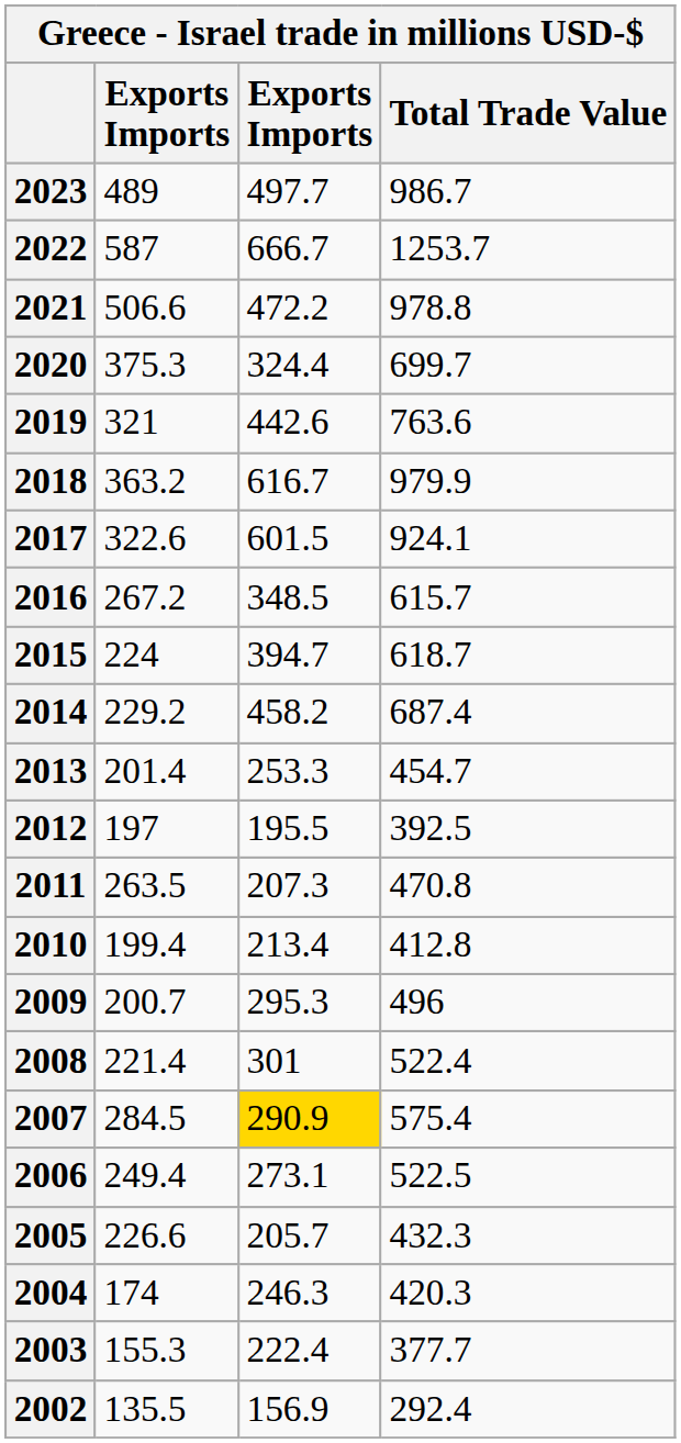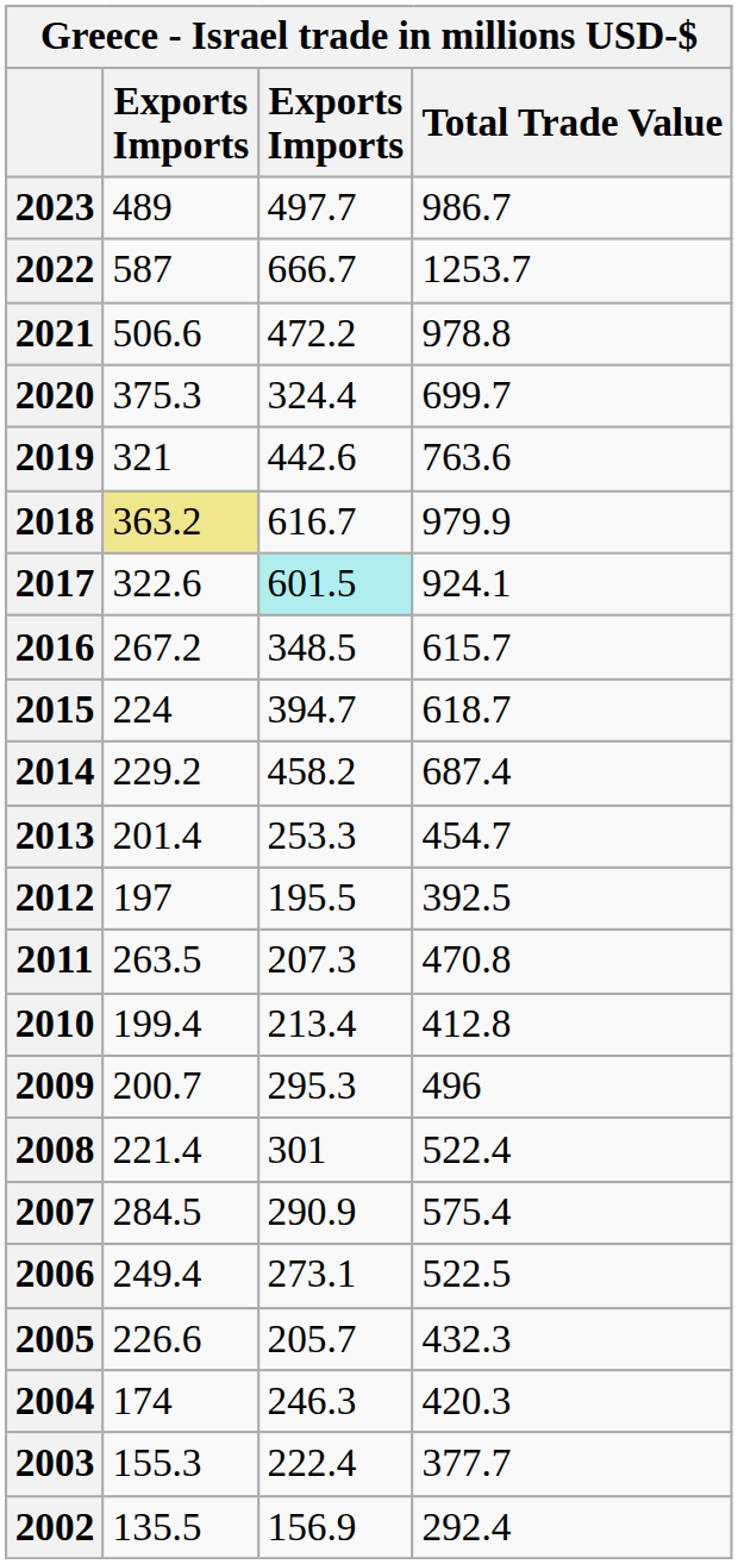 <table class="wikitable mw-collapsible mw-collapsed">
 <tr>
 <th colspan="4">Greece - Israel trade in millions USD-$</th>
 </tr>
 <tr>
 <th></th>
 <th> Exports<br> Imports</th>
 <th> Exports<br> Imports</th>
 <th>Total Trade Value</th>
 </tr>
 <tr>
 <th>2023</th>
 <td>489</td>
 <td>497.7</td>
 <td>986.7</td>
 </tr>
 <tr>
 <th>2022</th>
 <td>587</td>
 <td>666.7</td>
 <td>1253.7</td>
 </tr>
 <tr>
 <th>2021</th>
 <td>506.6</td>
 <td>472.2</td>
 <td>978.8</td>
 </tr>
 <tr>
 <th>2020</th>
 <td>375.3</td>
 <td>324.4</td>
 <td>699.7</td>
 </tr>
 <tr>
 <th>2019</th>
 <td>321</td>
 <td>442.6</td>
 <td>763.6</td>
 </tr>
 <tr>
 <th>2018</th>
-<td>363.2</td>
+<td style="background: khaki;">363.2</td>
 <td>616.7</td>
 <td>979.9</td>
 </tr>
 <tr>
 <th>2017</th>
 <td>322.6</td>
-<td>601.5</td>
+<td style="background: paleturquoise;">601.5</td>
 <td>924.1</td>
 </tr>
 <tr>
 <th>2016</th>
 <td>267.2</td>
 <td>348.5</td>
 <td>615.7</td>
 </tr>
 <tr>
 <th>2015</th>
 <td>224</td>
 <td>394.7</td>
 <td>618.7</td>
 </tr>
 <tr>
 <th>2014</th>
 <td>229.2</td>
 <td>458.2</td>
 <td>687.4</td>
 </tr>
 <tr>
 <th>2013</th>
 <td>201.4</td>
 <td>253.3</td>
 <td>454.7</td>
 </tr>
 <tr>
 <th>2012</th>
 <td>197</td>
 <td>195.5</td>
 <td>392.5</td>
 </tr>
 <tr>
 <th>2011</th>
 <td>263.5</td>
 <td>207.3</td>
 <td>470.8</td>
 </tr>
 <tr>
 <th>2010</th>
 <td>199.4</td>
 <td>213.4</td>
 <td>412.8</td>
 </tr>
 <tr>
 <th>2009</th>
 <td>200.7</td>
 <td>295.3</td>
 <td>496</td>
 </tr>
 <tr>
 <th>2008</th>
 <td>221.4</td>
 <td>301</td>
 <td>522.4</td>
 </tr>
 <tr>
 <th>2007</th>
 <td>284.5</td>
-<td style="background: gold;">290.9</td>
+<td>290.9</td>
 <td>575.4</td>
 </tr>
 <tr>
 <th>2006</th>
 <td>249.4</td>
 <td>273.1</td>
 <td>522.5</td>
 </tr>
 <tr>
 <th>2005</th>
 <td>226.6</td>
 <td>205.7</td>
 <td>432.3</td>
 </tr>
 <tr>
 <th>2004</th>
 <td>174</td>
 <td>246.3</td>
 <td>420.3</td>
 </tr>
 <tr>
 <th>2003</th>
 <td>155.3</td>
 <td>222.4</td>
 <td>377.7</td>
 </tr>
 <tr>
 <th>2002</th>
 <td>135.5</td>
 <td>156.9</td>
 <td>292.4</td>
 </tr>
 </table>
